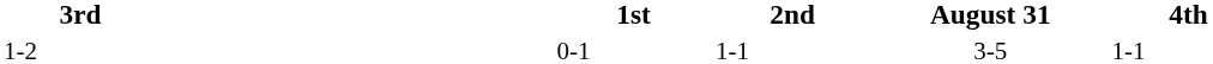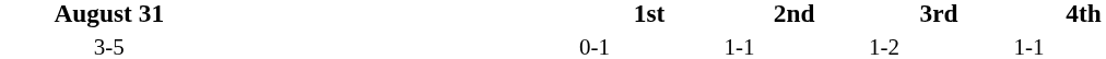 <table width=60% cellspacing=1>
 <tr>
 <th width=20%></th>
-<th width=8%>3rd</th>
+<th width=12%>August 31</th>
 <th width=20%></th>
 <th width=8%>1st</th>
 <th width=8%>2nd</th>
-<th width=12%>August 31</th>
+<th width=8%>3rd</th>
 <th width=8%>4th</th>
 </tr>
 <tr style=font-size:90%>
 <td align=right></td>
-<td>1-2</td>
+<td align=center>3-5</td>
 <td><strong></strong></td>
 <td>0-1</td>
 <td>1-1</td>
-<td align=center>3-5</td>
+<td>1-2</td>
 <td>1-1</td>
 </tr>
 </table>
